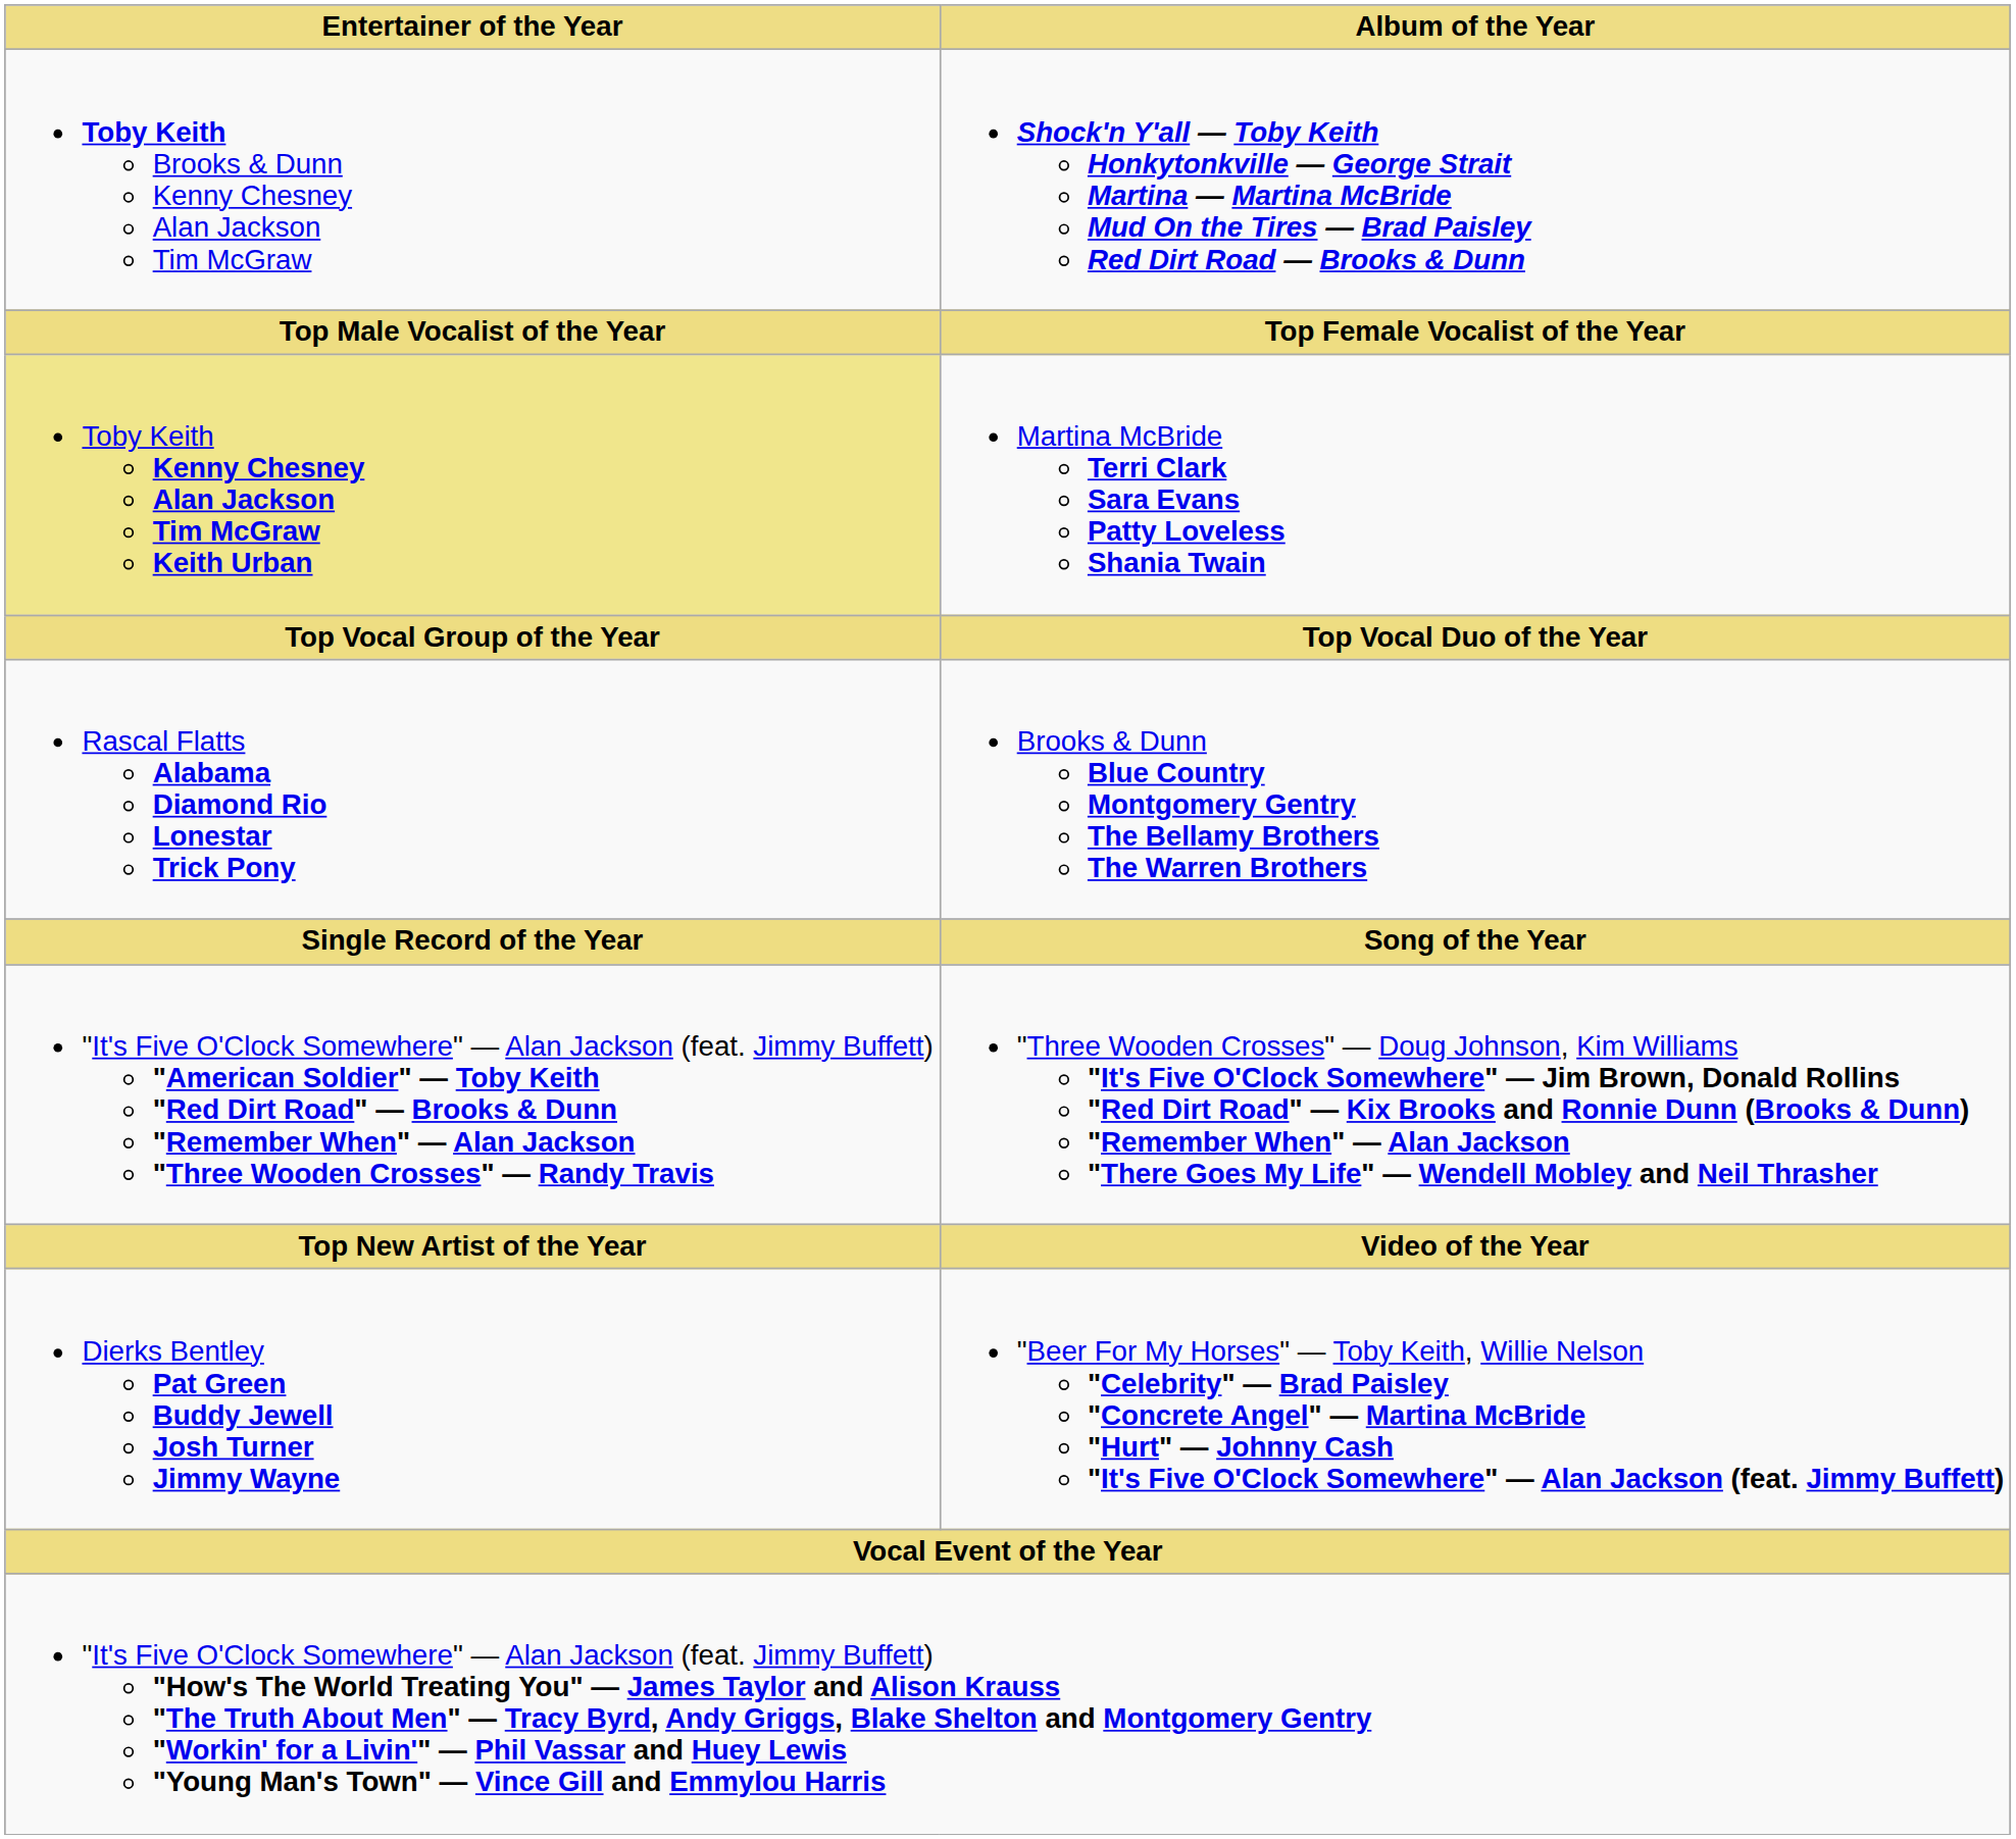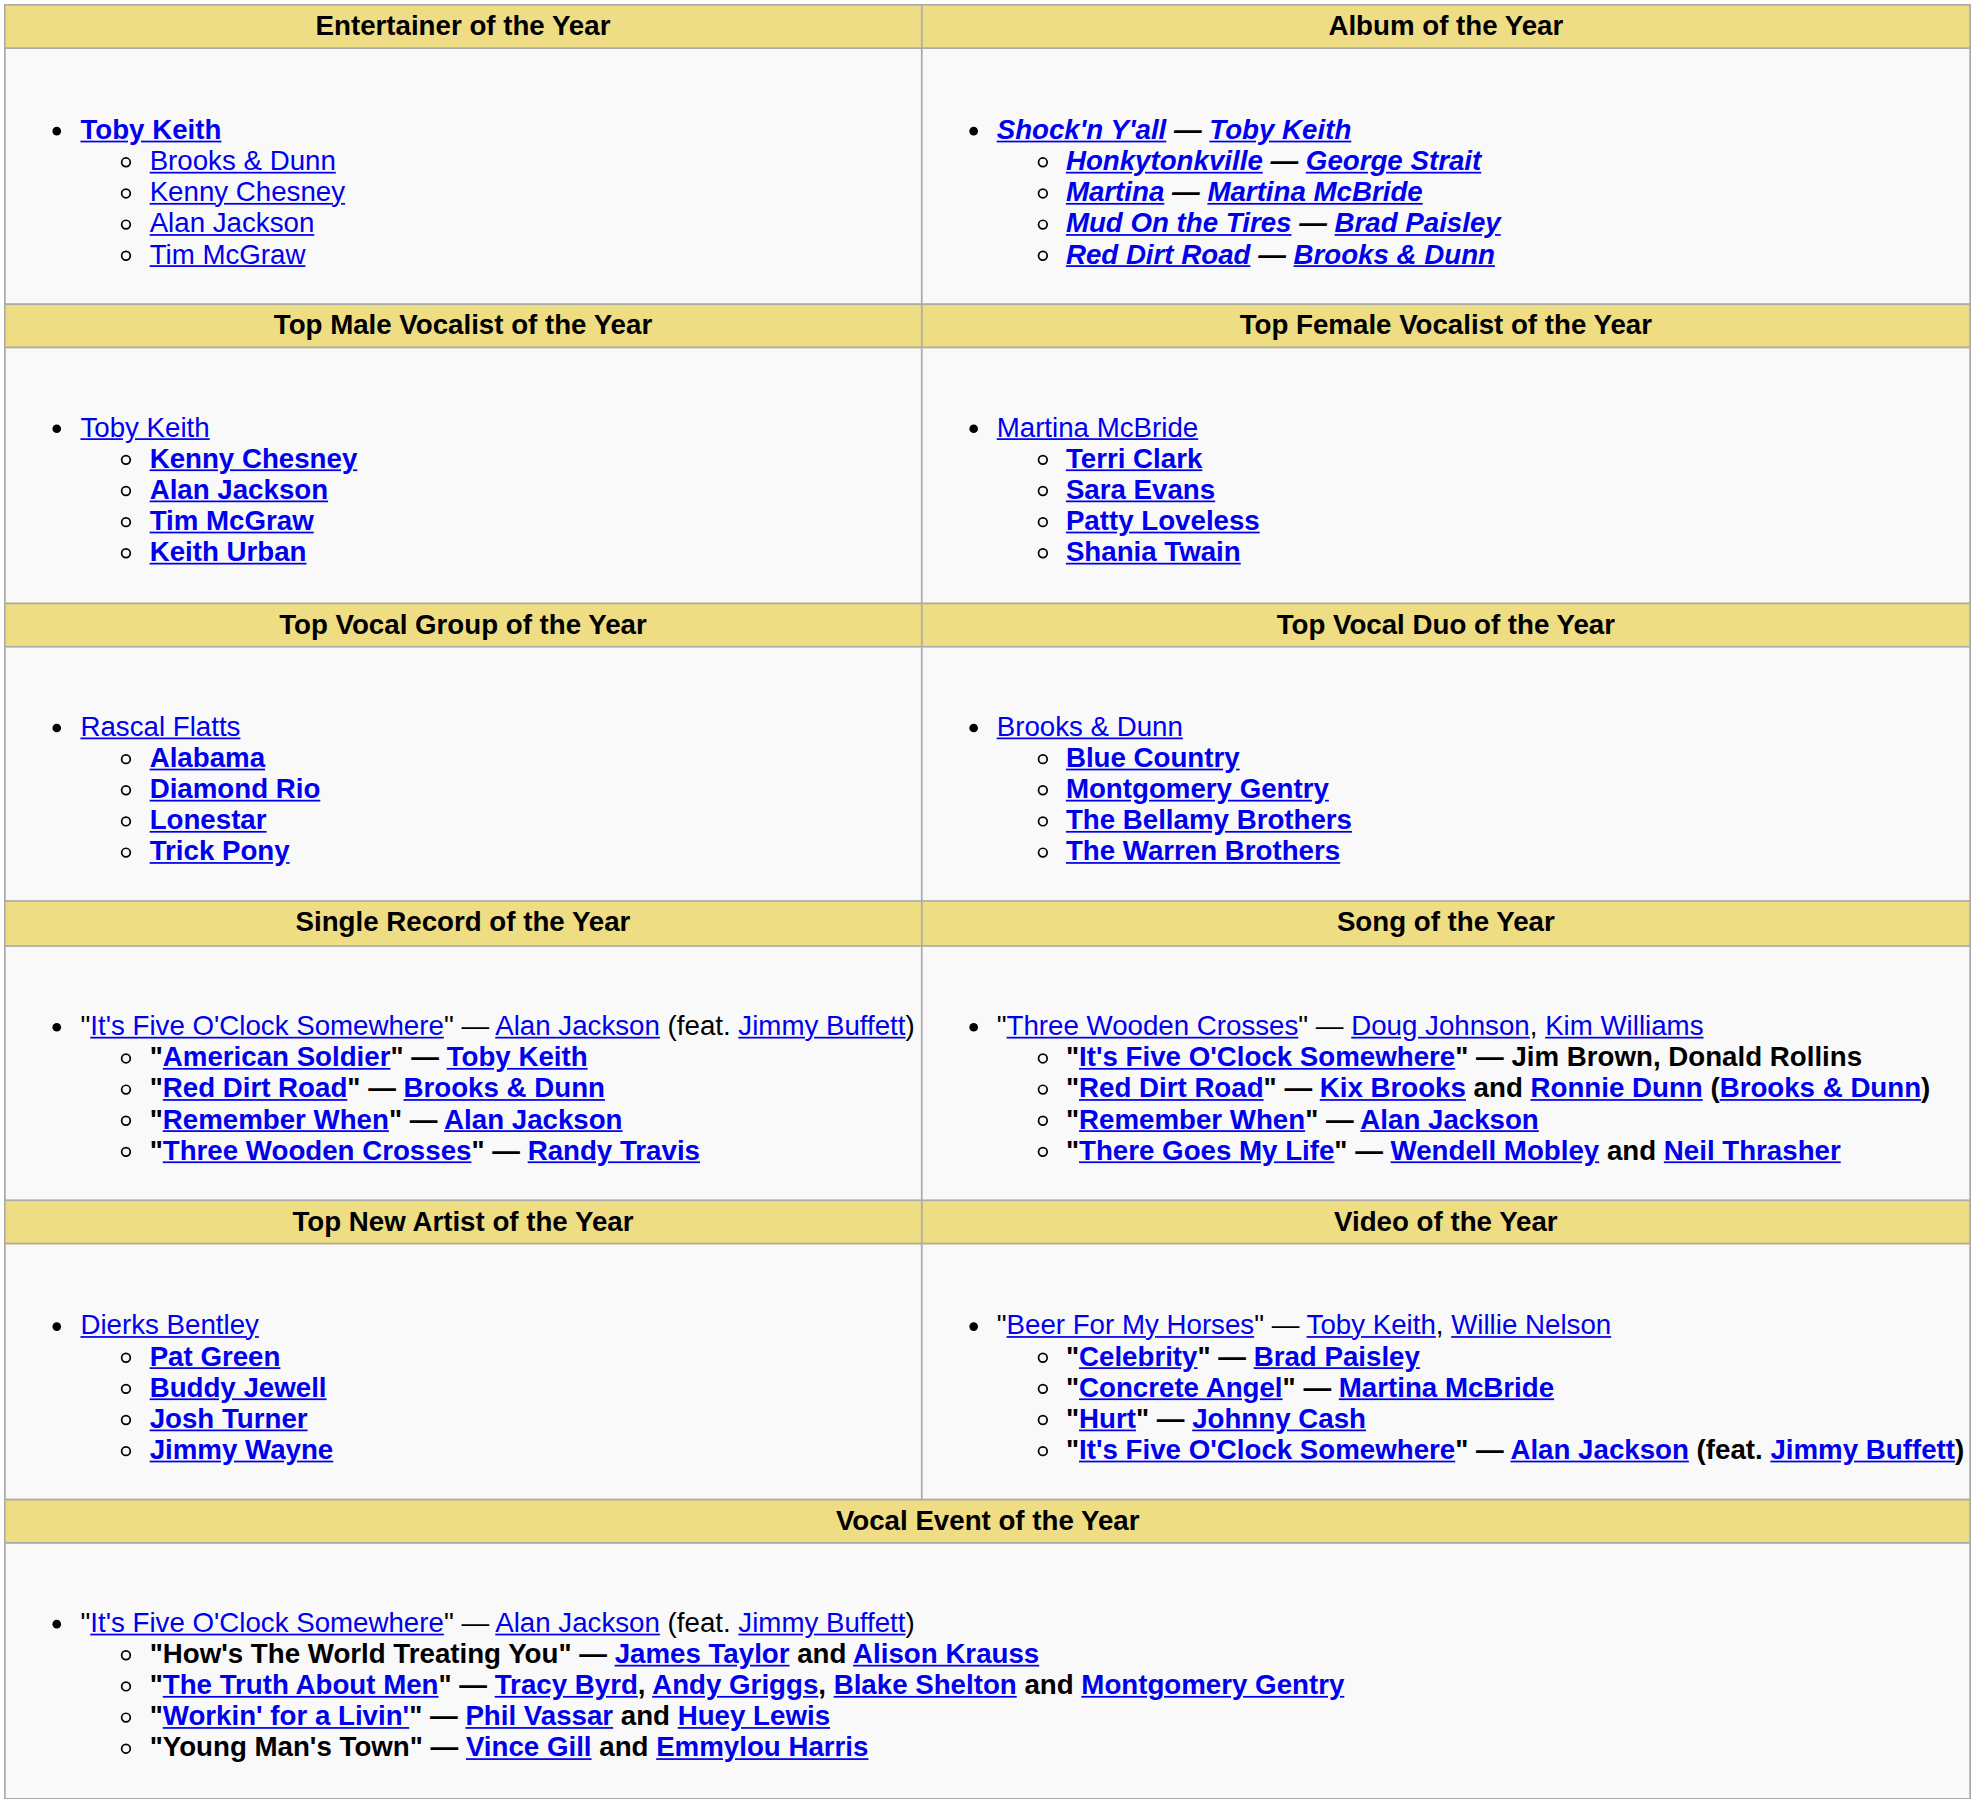 <table class="wikitable">
 <tr>
 <th style="background:#EEDD85; width=50%">Entertainer of the Year</th>
 <th style="background:#EEDD85; width=50%">Album of the Year</th>
 </tr>
 <tr>
 <td valign="top"><br><ul><li><strong><a href='#'>Toby Keith</a></strong><ul><li><a href='#'>Brooks & Dunn</a></li><li><a href='#'>Kenny Chesney</a></li><li><a href='#'>Alan Jackson</a></li><li><a href='#'>Tim McGraw</a></li></ul></li></ul></td>
 <td valign="top"><br><ul><li><strong><em><a href='#'>Shock'n Y'all</a><em> — <a href='#'>Toby Keith</a><strong><ul><li></em><a href='#'>Honkytonkville</a><em> — <a href='#'>George Strait</a></li><li></em><a href='#'>Martina</a><em> — <a href='#'>Martina McBride</a></li><li></em><a href='#'>Mud On the Tires</a><em> — <a href='#'>Brad Paisley</a></li><li></em><a href='#'>Red Dirt Road</a><em> — <a href='#'>Brooks & Dunn</a></li></ul></li></ul></td>
 </tr>
 <tr>
 <th style="background:#EEDD82; width=50%">Top Male Vocalist of the Year</th>
 <th style="background:#EEDD82; width=50%">Top Female Vocalist of the Year</th>
 </tr>
 <tr>
-<td valign="top" style="background: khaki;"><br><ul><li></strong><a href='#'>Toby Keith</a><strong><ul><li><a href='#'>Kenny Chesney</a></li><li><a href='#'>Alan Jackson</a></li><li><a href='#'>Tim McGraw</a></li><li><a href='#'>Keith Urban</a></li></ul></li></ul></td>
+<td valign="top"><br><ul><li></strong><a href='#'>Toby Keith</a><strong><ul><li><a href='#'>Kenny Chesney</a></li><li><a href='#'>Alan Jackson</a></li><li><a href='#'>Tim McGraw</a></li><li><a href='#'>Keith Urban</a></li></ul></li></ul></td>
 <td valign="top"><br><ul><li></strong><a href='#'>Martina McBride</a><strong><ul><li><a href='#'>Terri Clark</a></li><li><a href='#'>Sara Evans</a></li><li><a href='#'>Patty Loveless</a></li><li><a href='#'>Shania Twain</a></li></ul></li></ul></td>
 </tr>
 <tr>
 <th style="background:#EEDD82; width=50%">Top Vocal Group of the Year</th>
 <th style="background:#EEDD82; width=50%">Top Vocal Duo of the Year</th>
 </tr>
 <tr>
 <td valign="top"><br><ul><li></strong><a href='#'>Rascal Flatts</a><strong><ul><li><a href='#'>Alabama</a></li><li><a href='#'>Diamond Rio</a></li><li><a href='#'>Lonestar</a></li><li><a href='#'>Trick Pony</a></li></ul></li></ul></td>
 <td valign="top"><br><ul><li></strong><a href='#'>Brooks & Dunn</a><strong><ul><li><a href='#'>Blue Country</a></li><li><a href='#'>Montgomery Gentry</a></li><li><a href='#'>The Bellamy Brothers</a></li><li><a href='#'>The Warren Brothers</a></li></ul></li></ul></td>
 </tr>
 <tr>
 <th style="background:#EEDD82; width=50%">Single Record of the Year</th>
 <th style="background:#EEDD82; width=50%">Song of the Year</th>
 </tr>
 <tr>
 <td valign="top"><br><ul><li></strong>"<a href='#'>It's Five O'Clock Somewhere</a>" — <a href='#'>Alan Jackson</a> (feat. <a href='#'>Jimmy Buffett</a>)<strong><ul><li>"<a href='#'>American Soldier</a>" — <a href='#'>Toby Keith</a></li><li>"<a href='#'>Red Dirt Road</a>" — <a href='#'>Brooks & Dunn</a></li><li>"<a href='#'>Remember When</a>" — <a href='#'>Alan Jackson</a></li><li>"<a href='#'>Three Wooden Crosses</a>" — <a href='#'>Randy Travis</a></li></ul></li></ul></td>
 <td valign="top"><br><ul><li></strong>"<a href='#'>Three Wooden Crosses</a>" — <a href='#'>Doug Johnson</a>, <a href='#'>Kim Williams</a><strong><ul><li>"<a href='#'>It's Five O'Clock Somewhere</a>" — Jim Brown, Donald Rollins</li><li>"<a href='#'>Red Dirt Road</a>" — <a href='#'>Kix Brooks</a> and <a href='#'>Ronnie Dunn</a> (<a href='#'>Brooks & Dunn</a>)</li><li>"<a href='#'>Remember When</a>" — <a href='#'>Alan Jackson</a></li><li>"<a href='#'>There Goes My Life</a>" — <a href='#'>Wendell Mobley</a> and <a href='#'>Neil Thrasher</a></li></ul></li></ul></td>
 </tr>
 <tr>
 <th style="background:#EEDD82; width=50%">Top New Artist of the Year</th>
 <th style="background:#EEDD82; width=50%">Video of the Year</th>
 </tr>
 <tr>
 <td valign="top"><br><ul><li></strong><a href='#'>Dierks Bentley</a><strong><ul><li><a href='#'>Pat Green</a></li><li><a href='#'>Buddy Jewell</a></li><li><a href='#'>Josh Turner</a></li><li><a href='#'>Jimmy Wayne</a></li></ul></li></ul></td>
 <td valign="top"><br><ul><li></strong>"<a href='#'>Beer For My Horses</a>" — <a href='#'>Toby Keith</a>, <a href='#'>Willie Nelson</a><strong><ul><li>"<a href='#'>Celebrity</a>" — <a href='#'>Brad Paisley</a></li><li>"<a href='#'>Concrete Angel</a>" — <a href='#'>Martina McBride</a></li><li>"<a href='#'>Hurt</a>" — <a href='#'>Johnny Cash</a></li><li>"<a href='#'>It's Five O'Clock Somewhere</a>" — <a href='#'>Alan Jackson</a> (feat. <a href='#'>Jimmy Buffett</a>)</li></ul></li></ul></td>
 </tr>
 <tr>
 <th colspan="2" style="background:#EEDD82; width=50%">Vocal Event of the Year</th>
 </tr>
 <tr>
 <td colspan="2"><br><ul><li></strong>"<a href='#'>It's Five O'Clock Somewhere</a>" — <a href='#'>Alan Jackson</a> (feat. <a href='#'>Jimmy Buffett</a>)<strong><ul><li>"How's The World Treating You" — <a href='#'>James Taylor</a> and <a href='#'>Alison Krauss</a></li><li>"<a href='#'>The Truth About Men</a>" — <a href='#'>Tracy Byrd</a>, <a href='#'>Andy Griggs</a>, <a href='#'>Blake Shelton</a> and <a href='#'>Montgomery Gentry</a></li><li>"<a href='#'>Workin' for a Livin'</a>" — <a href='#'>Phil Vassar</a> and <a href='#'>Huey Lewis</a></li><li>"Young Man's Town" — <a href='#'>Vince Gill</a> and <a href='#'>Emmylou Harris</a></li></ul></li></ul></td>
 </tr>
 </table>
